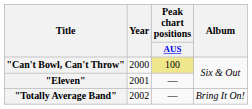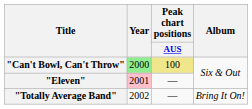 <table class="wikitable plainrowheaders" style="text-align:center">
 <tr>
 <th scope="col" rowspan="2">Title</th>
 <th scope="col" rowspan="2">Year</th>
 <th scope="col" colspan="1">Peak chart positions</th>
 <th scope="col" rowspan="2">Album</th>
 </tr>
 <tr>
 <th scope="col" style="width:3em;font-size:90%;"><a href='#'>AUS</a><br></th>
 </tr>
 <tr>
 <th scope="row">"Can't Bowl, Can't Throw"</th>
-<td>2000</td>
+<td style="background: lightgreen;">2000</td>
 <td style="background: khaki;">100</td>
 <td rowspan="2"><em>Six & Out</em></td>
 </tr>
 <tr>
 <th scope="row">"Eleven"<br></th>
-<td>2001</td>
+<td style="background: pink;">2001</td>
 <td>—</td>
 </tr>
 <tr>
 <th scope="row">"Totally Average Band"<br></th>
 <td>2002</td>
 <td>—</td>
 <td><em>Bring It On!</em></td>
 </tr>
 </table>
